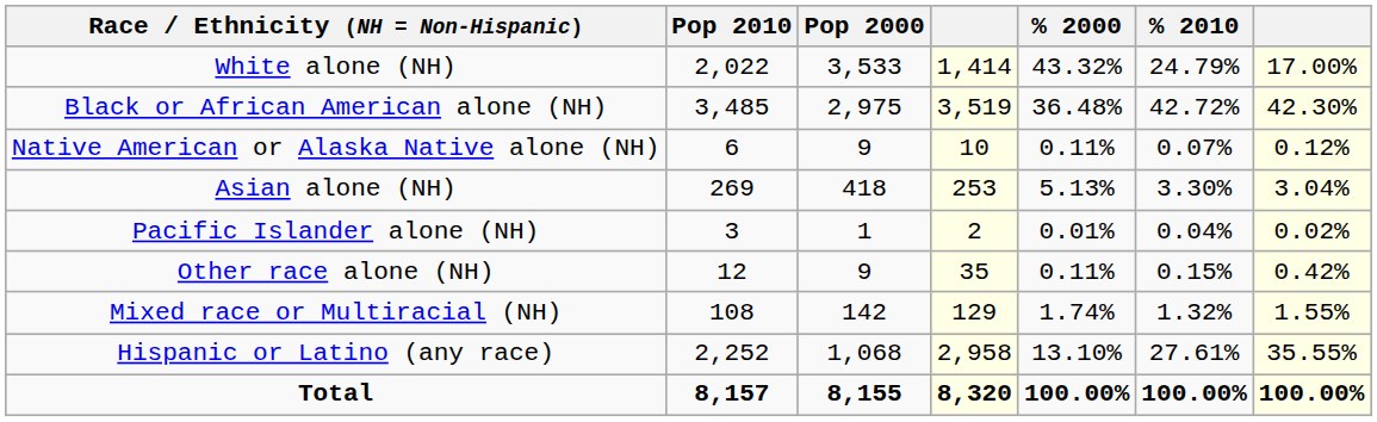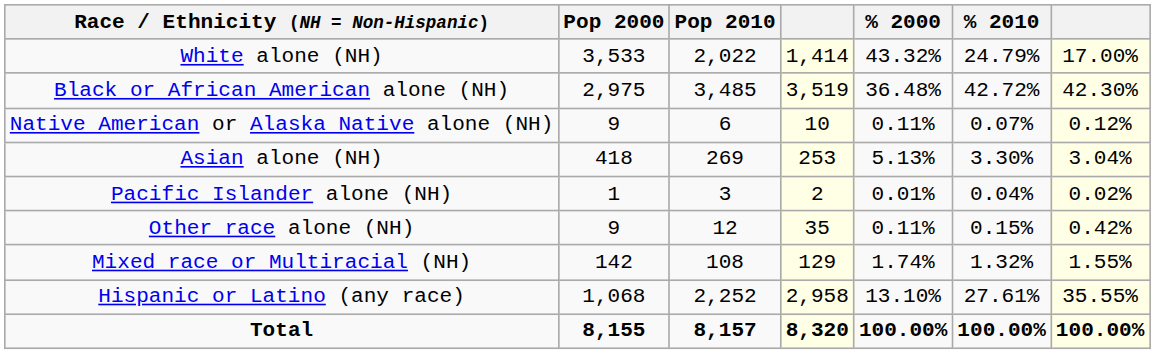 <table class="wikitable" style="text-align:center;">
 <tr>
 <th>Race / Ethnicity <small>(<em>NH = Non-Hispanic</em>)</small></th>
+<th>Pop 2000</th>
 <th>Pop 2010</th>
-<th>Pop 2000</th>
 <th></th>
 <th>% 2000</th>
 <th>% 2010</th>
 <th></th>
 </tr>
 <tr>
 <td><a href='#'>White</a> alone (NH)</td>
+<td>3,533</td>
 <td>2,022</td>
-<td>3,533</td>
 <td style='background: #ffffe6;'>1,414</td>
 <td>43.32%</td>
 <td>24.79%</td>
 <td style='background: #ffffe6;'>17.00%</td>
 </tr>
 <tr>
 <td><a href='#'>Black or African American</a> alone (NH)</td>
+<td>2,975</td>
 <td>3,485</td>
-<td>2,975</td>
 <td style='background: #ffffe6;'>3,519</td>
 <td>36.48%</td>
 <td>42.72%</td>
 <td style='background: #ffffe6;'>42.30%</td>
 </tr>
 <tr>
 <td><a href='#'>Native American</a> or <a href='#'>Alaska Native</a> alone (NH)</td>
+<td>9</td>
 <td>6</td>
-<td>9</td>
 <td style='background: #ffffe6;'>10</td>
 <td>0.11%</td>
 <td>0.07%</td>
 <td style='background: #ffffe6;'>0.12%</td>
 </tr>
 <tr>
 <td><a href='#'>Asian</a> alone (NH)</td>
+<td>418</td>
 <td>269</td>
-<td>418</td>
 <td style='background: #ffffe6;'>253</td>
 <td>5.13%</td>
 <td>3.30%</td>
 <td style='background: #ffffe6;'>3.04%</td>
 </tr>
 <tr>
 <td><a href='#'>Pacific Islander</a> alone (NH)</td>
+<td>1</td>
 <td>3</td>
-<td>1</td>
 <td style='background: #ffffe6;'>2</td>
 <td>0.01%</td>
 <td>0.04%</td>
 <td style='background: #ffffe6;'>0.02%</td>
 </tr>
 <tr>
 <td><a href='#'>Other race</a> alone (NH)</td>
+<td>9</td>
 <td>12</td>
-<td>9</td>
 <td style='background: #ffffe6;'>35</td>
 <td>0.11%</td>
 <td>0.15%</td>
 <td style='background: #ffffe6;'>0.42%</td>
 </tr>
 <tr>
 <td><a href='#'>Mixed race or Multiracial</a> (NH)</td>
+<td>142</td>
 <td>108</td>
-<td>142</td>
 <td style='background: #ffffe6;'>129</td>
 <td>1.74%</td>
 <td>1.32%</td>
 <td style='background: #ffffe6;'>1.55%</td>
 </tr>
 <tr>
 <td><a href='#'>Hispanic or Latino</a> (any race)</td>
+<td>1,068</td>
 <td>2,252</td>
-<td>1,068</td>
 <td style='background: #ffffe6;'>2,958</td>
 <td>13.10%</td>
 <td>27.61%</td>
 <td style='background: #ffffe6;'>35.55%</td>
 </tr>
 <tr>
 <td><strong>Total</strong></td>
+<td><strong>8,155</strong></td>
 <td><strong>8,157</strong></td>
-<td><strong>8,155</strong></td>
 <td style='background: #ffffe6;'><strong>8,320</strong></td>
 <td><strong>100.00%</strong></td>
 <td><strong>100.00%</strong></td>
 <td style='background: #ffffe6;'><strong>100.00%</strong></td>
 </tr>
 </table>
